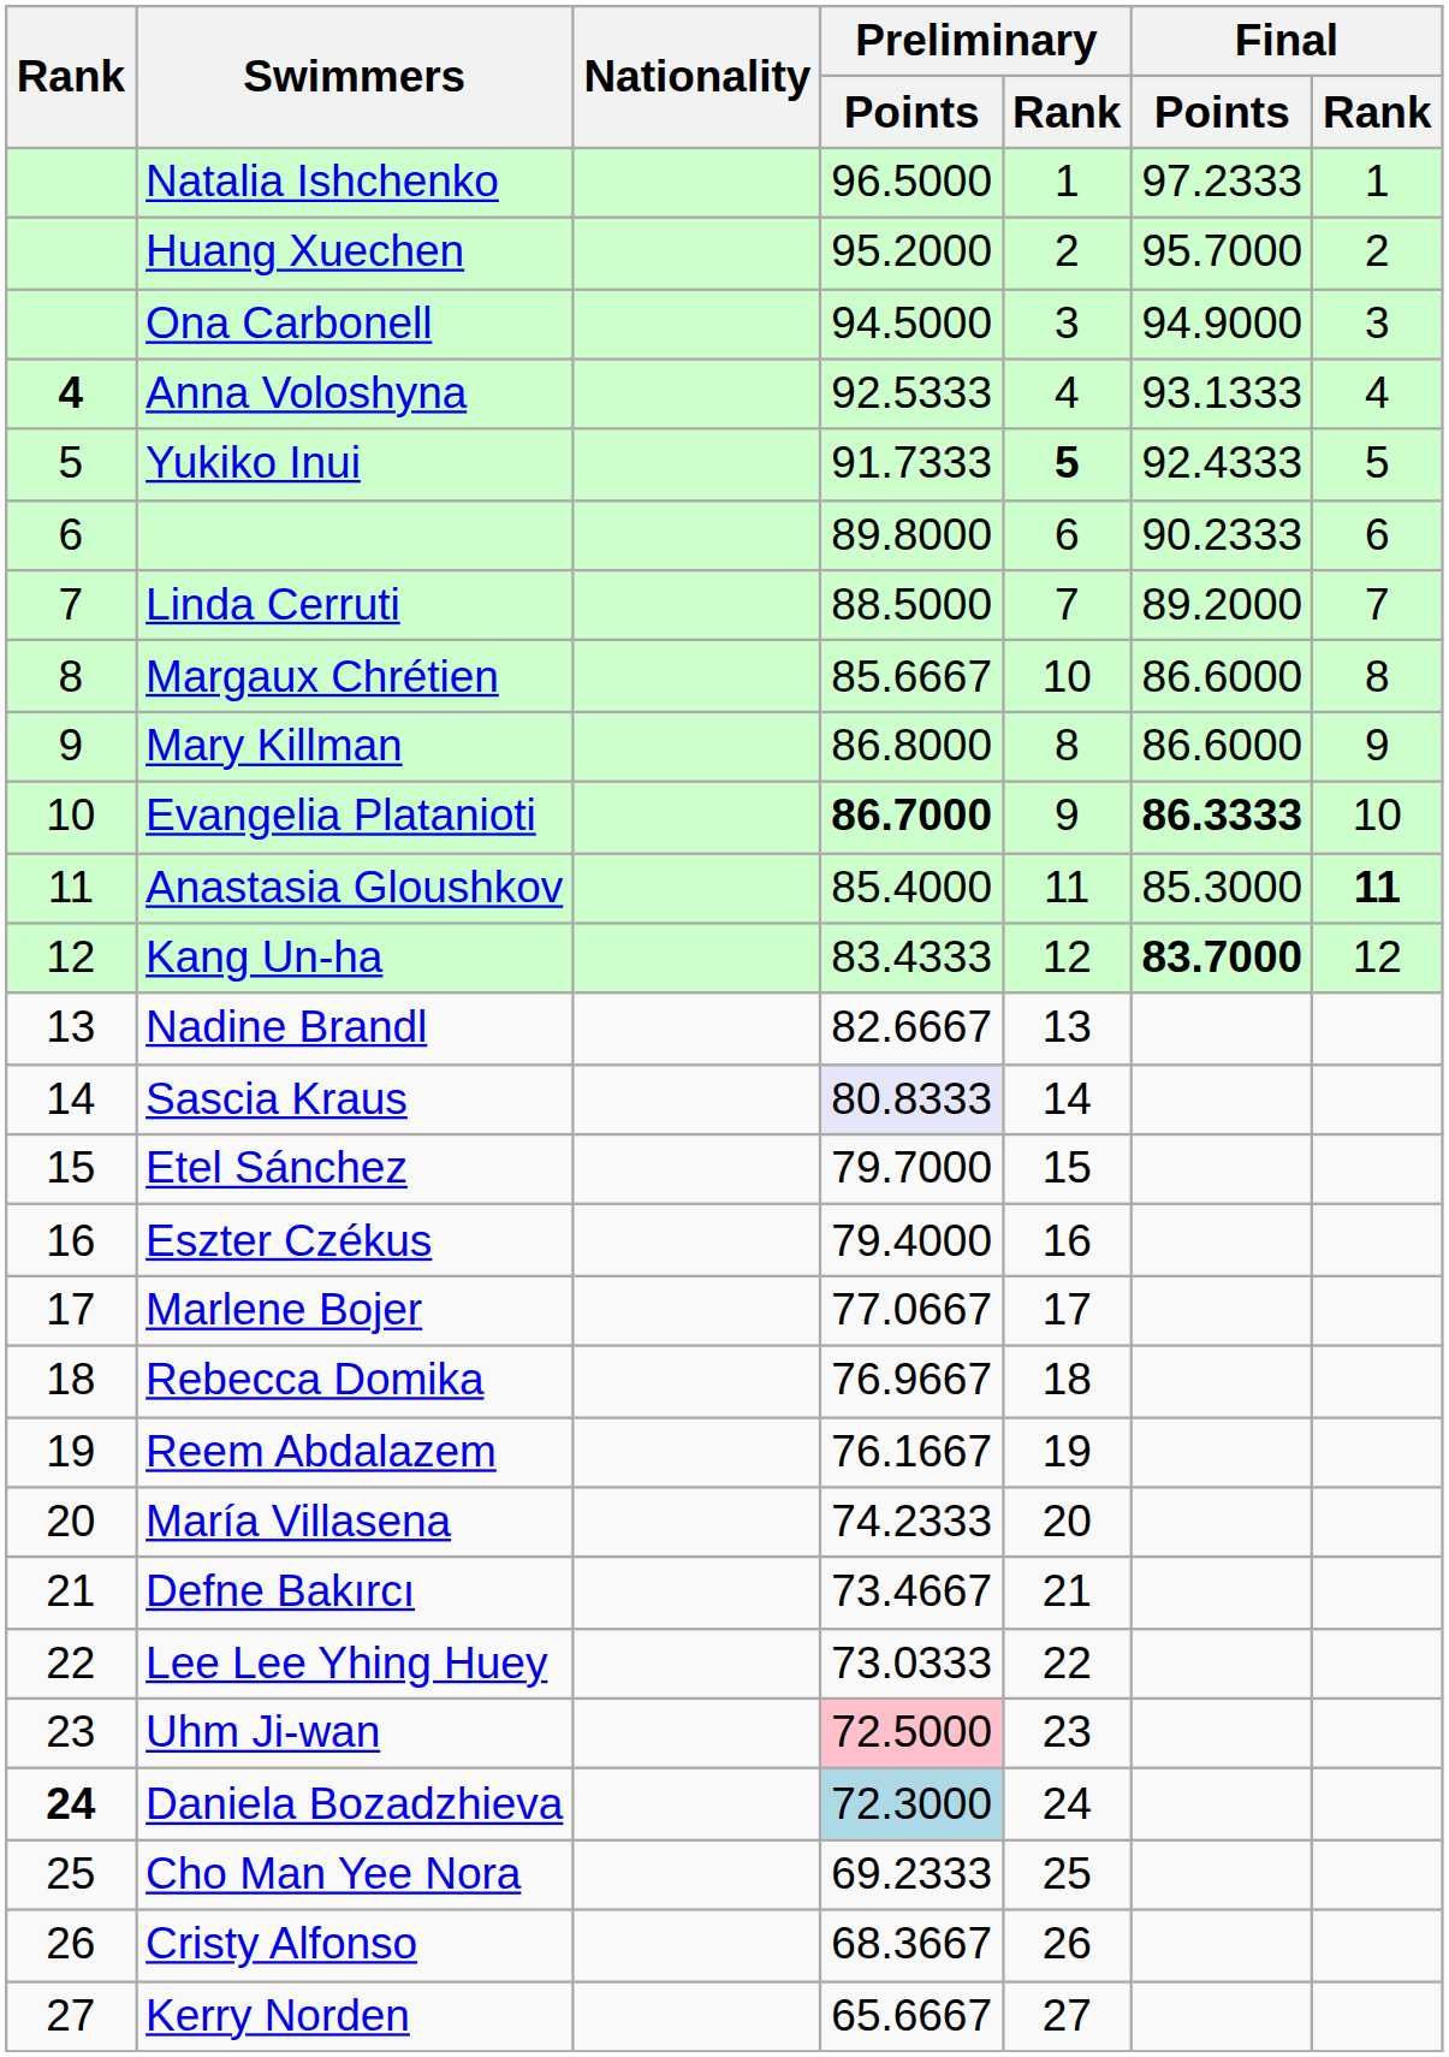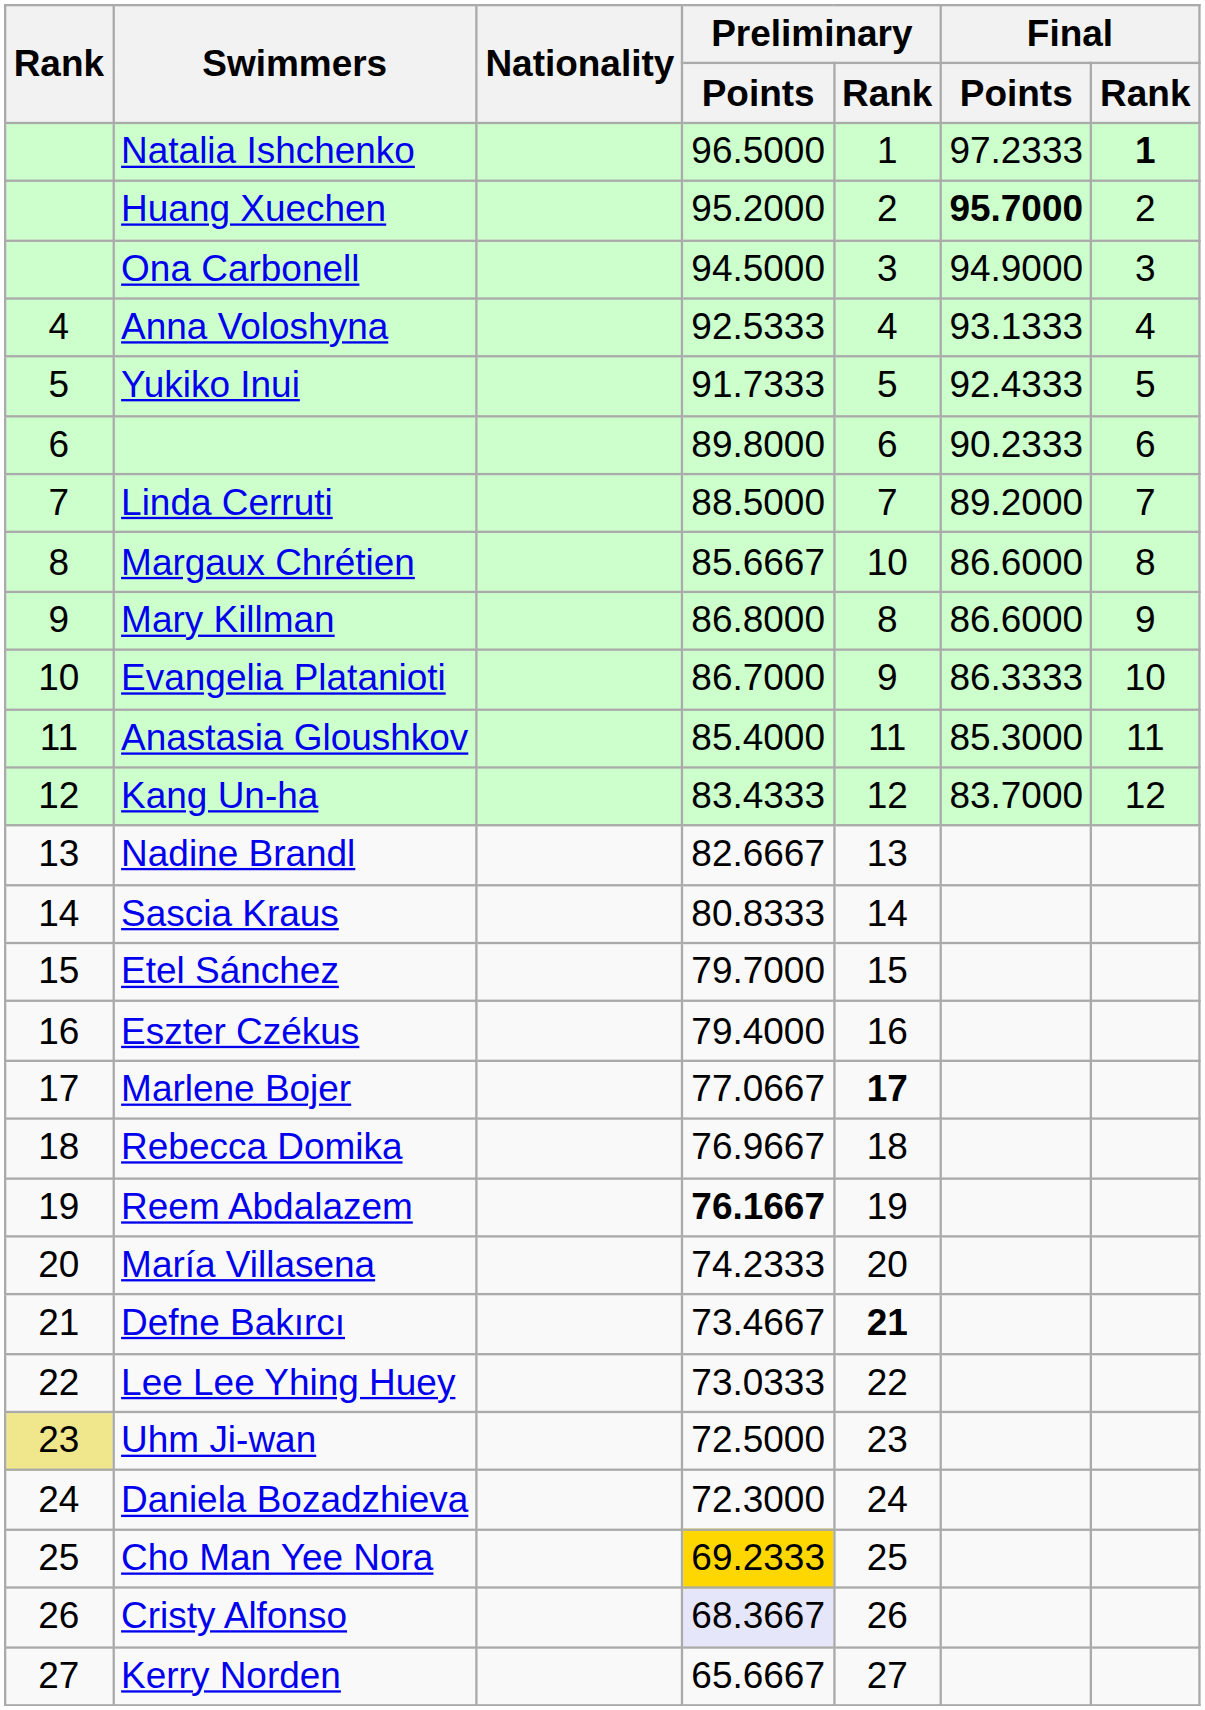 <table class="wikitable sortable" style="text-align:center">
 <tr>
 <th rowspan=2>Rank</th>
 <th rowspan=2>Swimmers</th>
 <th rowspan=2>Nationality</th>
 <th colspan=2>Preliminary</th>
 <th colspan=2>Final</th>
 </tr>
 <tr>
 <th>Points</th>
 <th>Rank</th>
 <th>Points</th>
 <th>Rank</th>
 </tr>
 <tr bgcolor=ccffcc>
 <td></td>
 <td align=left><a href='#'>Natalia Ishchenko</a></td>
 <td align=left></td>
 <td>96.5000</td>
 <td>1</td>
 <td>97.2333</td>
-<td>1</td>
+<td><strong>1</strong></td>
 </tr>
 <tr bgcolor=ccffcc>
 <td></td>
 <td align=left><a href='#'>Huang Xuechen</a></td>
 <td align=left></td>
 <td>95.2000</td>
 <td>2</td>
-<td>95.7000</td>
+<td><strong>95.7000</strong></td>
 <td>2</td>
 </tr>
 <tr bgcolor=ccffcc>
 <td></td>
 <td align=left><a href='#'>Ona Carbonell</a></td>
 <td align=left></td>
 <td>94.5000</td>
 <td>3</td>
 <td>94.9000</td>
 <td>3</td>
 </tr>
 <tr bgcolor=ccffcc>
-<td><strong>4</strong></td>
+<td>4</td>
 <td align=left><a href='#'>Anna Voloshyna</a></td>
 <td align=left></td>
 <td>92.5333</td>
 <td>4</td>
 <td>93.1333</td>
 <td>4</td>
 </tr>
 <tr bgcolor=ccffcc>
 <td>5</td>
 <td align=left><a href='#'>Yukiko Inui</a></td>
 <td align=left></td>
 <td>91.7333</td>
-<td><strong>5</strong></td>
+<td>5</td>
 <td>92.4333</td>
 <td>5</td>
 </tr>
 <tr bgcolor=ccffcc>
 <td>6</td>
 <td align=left></td>
 <td align=left></td>
 <td>89.8000</td>
 <td>6</td>
 <td>90.2333</td>
 <td>6</td>
 </tr>
 <tr bgcolor=ccffcc>
 <td>7</td>
 <td align=left><a href='#'>Linda Cerruti</a></td>
 <td align=left></td>
 <td>88.5000</td>
 <td>7</td>
 <td>89.2000</td>
 <td>7</td>
 </tr>
 <tr bgcolor=ccffcc>
 <td>8</td>
 <td align=left><a href='#'>Margaux Chrétien</a></td>
 <td align=left></td>
 <td>85.6667</td>
 <td>10</td>
 <td>86.6000</td>
 <td>8</td>
 </tr>
 <tr bgcolor=ccffcc>
 <td>9</td>
 <td align=left><a href='#'>Mary Killman</a></td>
 <td align=left></td>
 <td>86.8000</td>
 <td>8</td>
 <td>86.6000</td>
 <td>9</td>
 </tr>
 <tr bgcolor=ccffcc>
 <td>10</td>
 <td align=left><a href='#'>Evangelia Platanioti</a></td>
 <td align=left></td>
-<td><strong>86.7000</strong></td>
+<td>86.7000</td>
 <td>9</td>
-<td><strong>86.3333</strong></td>
+<td>86.3333</td>
 <td>10</td>
 </tr>
 <tr bgcolor=ccffcc>
 <td>11</td>
 <td align=left><a href='#'>Anastasia Gloushkov</a></td>
 <td align=left></td>
 <td>85.4000</td>
 <td>11</td>
 <td>85.3000</td>
-<td><strong>11</strong></td>
+<td>11</td>
 </tr>
 <tr bgcolor=ccffcc>
 <td>12</td>
 <td align=left><a href='#'>Kang Un-ha</a></td>
 <td align=left></td>
 <td>83.4333</td>
 <td>12</td>
-<td><strong>83.7000</strong></td>
+<td>83.7000</td>
 <td>12</td>
 </tr>
 <tr>
 <td>13</td>
 <td align=left><a href='#'>Nadine Brandl</a></td>
 <td align=left></td>
 <td>82.6667</td>
 <td>13</td>
 <td></td>
 <td></td>
 </tr>
 <tr>
 <td>14</td>
 <td align=left><a href='#'>Sascia Kraus</a></td>
 <td align=left></td>
-<td style="background: lavender;">80.8333</td>
+<td>80.8333</td>
 <td>14</td>
 <td></td>
 <td></td>
 </tr>
 <tr>
 <td>15</td>
 <td align=left><a href='#'>Etel Sánchez</a></td>
 <td align=left></td>
 <td>79.7000</td>
 <td>15</td>
 <td></td>
 <td></td>
 </tr>
 <tr>
 <td>16</td>
 <td align=left><a href='#'>Eszter Czékus</a></td>
 <td align=left></td>
 <td>79.4000</td>
 <td>16</td>
 <td></td>
 <td></td>
 </tr>
 <tr>
 <td>17</td>
 <td align=left><a href='#'>Marlene Bojer</a></td>
 <td align=left></td>
 <td>77.0667</td>
-<td>17</td>
+<td><strong>17</strong></td>
 <td></td>
 <td></td>
 </tr>
 <tr>
 <td>18</td>
 <td align=left><a href='#'>Rebecca Domika</a></td>
 <td align=left></td>
 <td>76.9667</td>
 <td>18</td>
 <td></td>
 <td></td>
 </tr>
 <tr>
 <td>19</td>
 <td align=left><a href='#'>Reem Abdalazem</a></td>
 <td align=left></td>
-<td>76.1667</td>
+<td><strong>76.1667</strong></td>
 <td>19</td>
 <td></td>
 <td></td>
 </tr>
 <tr>
 <td>20</td>
 <td align=left><a href='#'>María Villasena</a></td>
 <td align=left></td>
 <td>74.2333</td>
 <td>20</td>
 <td></td>
 <td></td>
 </tr>
 <tr>
 <td>21</td>
 <td align=left><a href='#'>Defne Bakırcı</a></td>
 <td align=left></td>
 <td>73.4667</td>
-<td>21</td>
+<td><strong>21</strong></td>
 <td></td>
 <td></td>
 </tr>
 <tr>
 <td>22</td>
 <td align=left><a href='#'>Lee Lee Yhing Huey</a></td>
 <td align=left></td>
 <td>73.0333</td>
 <td>22</td>
 <td></td>
 <td></td>
 </tr>
 <tr>
-<td>23</td>
+<td style="background: khaki;">23</td>
 <td align=left><a href='#'>Uhm Ji-wan</a></td>
 <td align=left></td>
-<td style="background: pink;">72.5000</td>
+<td>72.5000</td>
 <td>23</td>
 <td></td>
 <td></td>
 </tr>
 <tr>
-<td><strong>24</strong></td>
+<td>24</td>
 <td align=left><a href='#'>Daniela Bozadzhieva</a></td>
 <td align=left></td>
-<td style="background: lightblue;">72.3000</td>
+<td>72.3000</td>
 <td>24</td>
 <td></td>
 <td></td>
 </tr>
 <tr>
 <td>25</td>
 <td align=left><a href='#'>Cho Man Yee Nora</a></td>
 <td align=left></td>
-<td>69.2333</td>
+<td style="background: gold;">69.2333</td>
 <td>25</td>
 <td></td>
 <td></td>
 </tr>
 <tr>
 <td>26</td>
 <td align=left><a href='#'>Cristy Alfonso</a></td>
 <td align=left></td>
-<td>68.3667</td>
+<td style="background: lavender;">68.3667</td>
 <td>26</td>
 <td></td>
 <td></td>
 </tr>
 <tr>
 <td>27</td>
 <td align=left><a href='#'>Kerry Norden</a></td>
 <td align=left></td>
 <td>65.6667</td>
 <td>27</td>
 <td></td>
 <td></td>
 </tr>
 </table>
